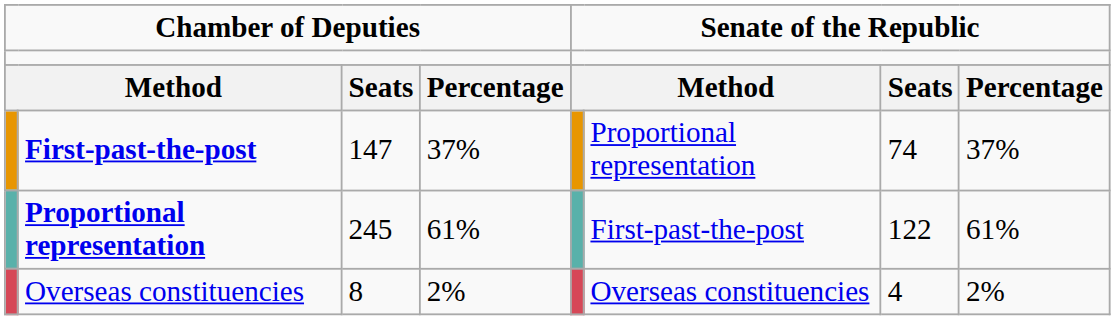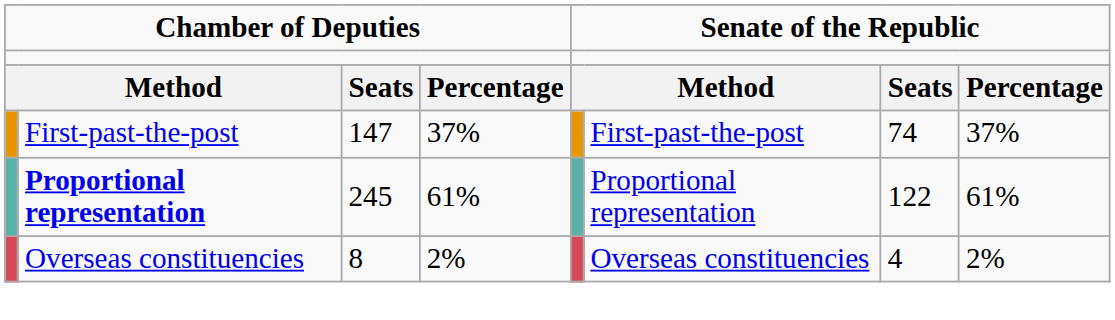 <table class="wikitable" style="text-align:left">
 <tr>
 <td align=center colspan="4"><strong>Chamber of Deputies</strong></td>
 <td align=center colspan="4"><strong>Senate of the Republic</strong></td>
 </tr>
 <tr>
 <td colspan="4"></td>
 <td colspan="4"></td>
 </tr>
 <tr>
 <th align=left colspan=2>Method</th>
 <th align=left>Seats</th>
 <th align=left>Percentage</th>
 <th align=left colspan=2>Method</th>
 <th align=left>Seats</th>
 <th align=left>Percentage</th>
 </tr>
 <tr>
 <td bgcolor="#E89600"></td>
-<td><strong><a href='#'>First-past-the-post</a></strong></td>
+<td><a href='#'>First-past-the-post</a></td>
 <td>147</td>
 <td>37%</td>
 <td bgcolor="#E89600"></td>
-<td><a href='#'>Proportional representation</a></td>
+<td><a href='#'>First-past-the-post</a></td>
 <td>74</td>
 <td>37%</td>
 </tr>
 <tr>
 <td bgcolor="#59B1AA"></td>
 <td><strong><a href='#'>Proportional representation</a></strong></td>
 <td>245</td>
 <td>61%</td>
 <td bgcolor="#59B1AA"></td>
-<td><a href='#'>First-past-the-post</a></td>
+<td><a href='#'>Proportional representation</a></td>
 <td>122</td>
 <td>61%</td>
 </tr>
 <tr>
 <td bgcolor="#D64757"></td>
 <td><a href='#'>Overseas constituencies</a></td>
 <td>8</td>
 <td>2%</td>
 <td bgcolor="#D64757"></td>
 <td><a href='#'>Overseas constituencies</a></td>
 <td>4</td>
 <td>2%</td>
 </tr>
 </table>
